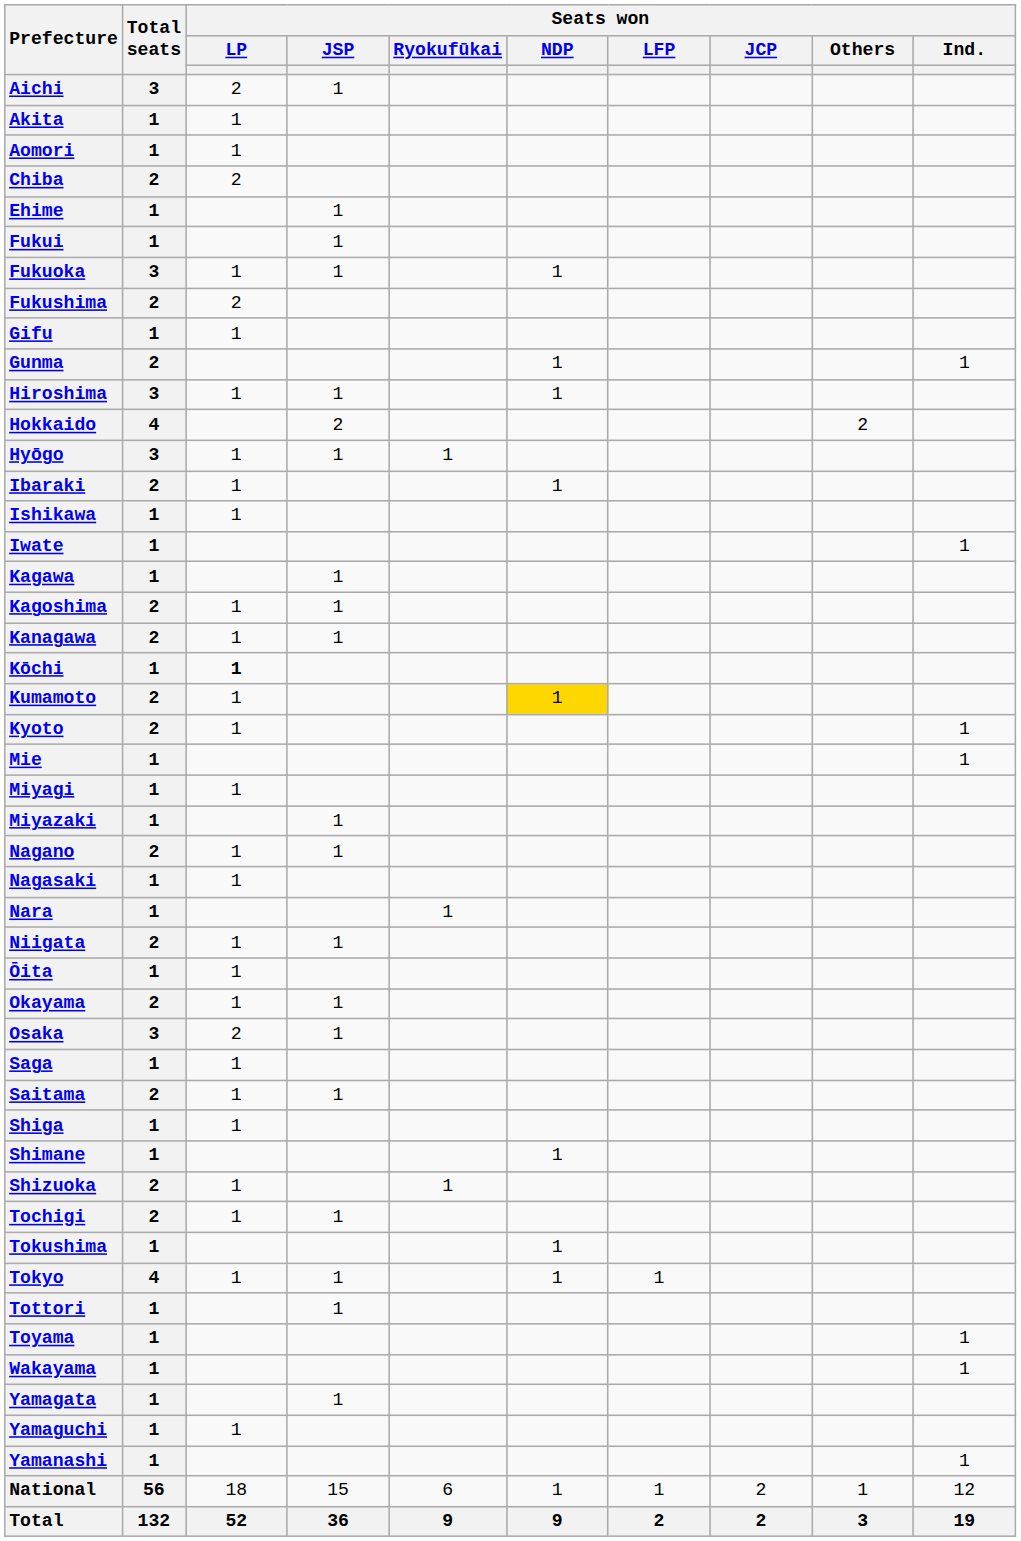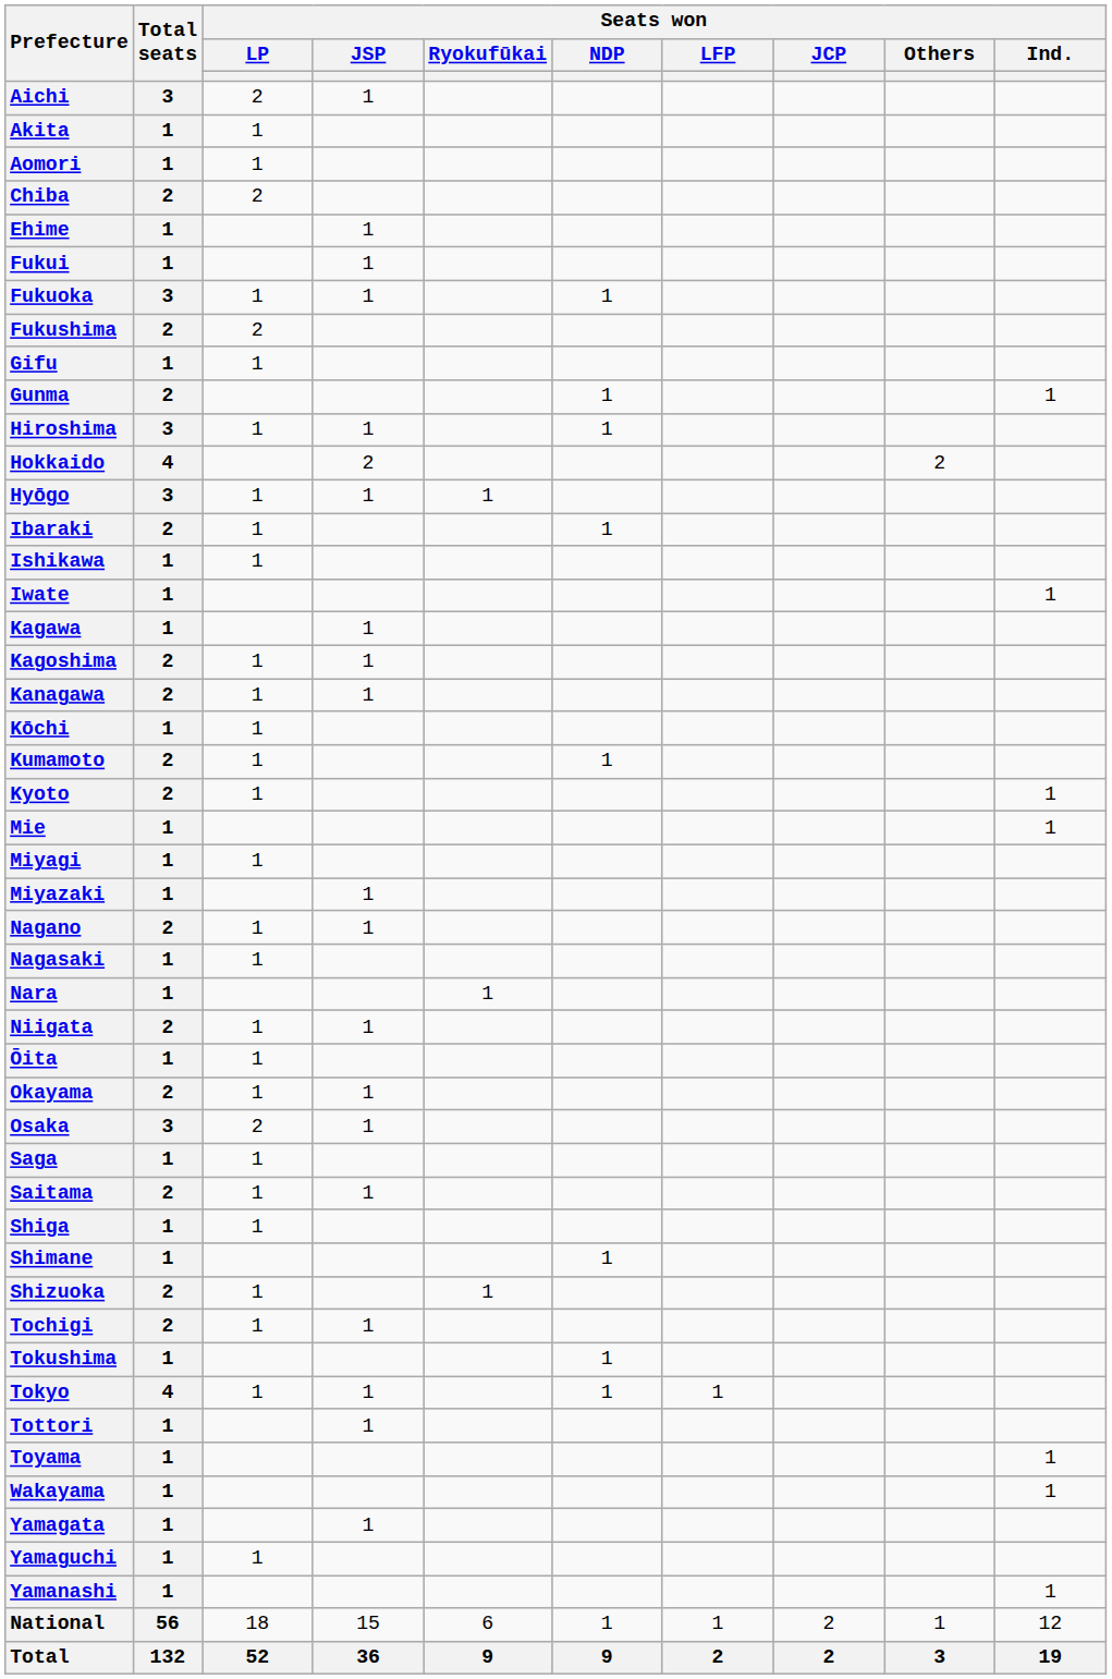 <table class="wikitable" style="text-align:center; font-size: 0.9em;">
 <tr>
 <th rowspan="3">Prefecture</th>
 <th rowspan="3">Total<br>seats</th>
 <th colspan="8">Seats won</th>
 </tr>
 <tr>
 <th class="unsortable" style="width:60px;"><a href='#'>LP</a></th>
 <th class="unsortable" style="width:60px;"><a href='#'>JSP</a></th>
 <th class="unsortable" style="width:60px;"><a href='#'>Ryokufūkai</a></th>
 <th class="unsortable" style="width:60px;"><a href='#'>NDP</a></th>
 <th class="unsortable" style="width:60px;"><a href='#'>LFP</a></th>
 <th class="unsortable" style="width:60px;"><a href='#'>JCP</a></th>
 <th class="unsortable" style="width:60px;">Others</th>
 <th class="unsortable" style="width:60px;">Ind.</th>
 </tr>
 <tr>
 <th style="background:"></th>
 <th style="background:"></th>
 <th style="background:"></th>
 <th style="background:"></th>
 <th style="background:"></th>
 <th style="background:"></th>
 <th></th>
 <th style="background:"></th>
 </tr>
 <tr>
 <th style="text-align: left;"><a href='#'>Aichi</a></th>
 <th>3</th>
 <td>2</td>
 <td>1</td>
 <td></td>
 <td></td>
 <td></td>
 <td></td>
 <td></td>
 <td></td>
 </tr>
 <tr>
 <th style="text-align: left;"><a href='#'>Akita</a></th>
 <th>1</th>
 <td>1</td>
 <td></td>
 <td></td>
 <td></td>
 <td></td>
 <td></td>
 <td></td>
 <td></td>
 </tr>
 <tr>
 <th style="text-align: left;"><a href='#'>Aomori</a></th>
 <th>1</th>
 <td>1</td>
 <td></td>
 <td></td>
 <td></td>
 <td></td>
 <td></td>
 <td></td>
 <td></td>
 </tr>
 <tr>
 <th style="text-align: left;"><a href='#'>Chiba</a></th>
 <th>2</th>
 <td>2</td>
 <td></td>
 <td></td>
 <td></td>
 <td></td>
 <td></td>
 <td></td>
 <td></td>
 </tr>
 <tr>
 <th style="text-align: left;"><a href='#'>Ehime</a></th>
 <th>1</th>
 <td></td>
 <td>1</td>
 <td></td>
 <td></td>
 <td></td>
 <td></td>
 <td></td>
 <td></td>
 </tr>
 <tr>
 <th style="text-align: left;"><a href='#'>Fukui</a></th>
 <th>1</th>
 <td></td>
 <td>1</td>
 <td></td>
 <td></td>
 <td></td>
 <td></td>
 <td></td>
 <td></td>
 </tr>
 <tr>
 <th style="text-align: left;"><a href='#'>Fukuoka</a></th>
 <th>3</th>
 <td>1</td>
 <td>1</td>
 <td></td>
 <td>1</td>
 <td></td>
 <td></td>
 <td></td>
 <td></td>
 </tr>
 <tr>
 <th style="text-align: left;"><a href='#'>Fukushima</a></th>
 <th>2</th>
 <td>2</td>
 <td></td>
 <td></td>
 <td></td>
 <td></td>
 <td></td>
 <td></td>
 <td></td>
 </tr>
 <tr>
 <th style="text-align: left;"><a href='#'>Gifu</a></th>
 <th>1</th>
 <td>1</td>
 <td></td>
 <td></td>
 <td></td>
 <td></td>
 <td></td>
 <td></td>
 <td></td>
 </tr>
 <tr>
 <th style="text-align: left;"><a href='#'>Gunma</a></th>
 <th>2</th>
 <td></td>
 <td></td>
 <td></td>
 <td>1</td>
 <td></td>
 <td></td>
 <td></td>
 <td>1</td>
 </tr>
 <tr>
 <th style="text-align: left;"><a href='#'>Hiroshima</a></th>
 <th>3</th>
 <td>1</td>
 <td>1</td>
 <td></td>
 <td>1</td>
 <td></td>
 <td></td>
 <td></td>
 <td></td>
 </tr>
 <tr>
 <th style="text-align: left;"><a href='#'>Hokkaido</a></th>
 <th>4</th>
 <td></td>
 <td>2</td>
 <td></td>
 <td></td>
 <td></td>
 <td></td>
 <td>2</td>
 <td></td>
 </tr>
 <tr>
 <th style="text-align: left;"><a href='#'>Hyōgo</a></th>
 <th>3</th>
 <td>1</td>
 <td>1</td>
 <td>1</td>
 <td></td>
 <td></td>
 <td></td>
 <td></td>
 <td></td>
 </tr>
 <tr>
 <th style="text-align: left;"><a href='#'>Ibaraki</a></th>
 <th>2</th>
 <td>1</td>
 <td></td>
 <td></td>
 <td>1</td>
 <td></td>
 <td></td>
 <td></td>
 <td></td>
 </tr>
 <tr>
 <th style="text-align: left;"><a href='#'>Ishikawa</a></th>
 <th>1</th>
 <td>1</td>
 <td></td>
 <td></td>
 <td></td>
 <td></td>
 <td></td>
 <td></td>
 <td></td>
 </tr>
 <tr>
 <th style="text-align: left;"><a href='#'>Iwate</a></th>
 <th>1</th>
 <td></td>
 <td></td>
 <td></td>
 <td></td>
 <td></td>
 <td></td>
 <td></td>
 <td>1</td>
 </tr>
 <tr>
 <th style="text-align: left;"><a href='#'>Kagawa</a></th>
 <th>1</th>
 <td></td>
 <td>1</td>
 <td></td>
 <td></td>
 <td></td>
 <td></td>
 <td></td>
 <td></td>
 </tr>
 <tr>
 <th style="text-align: left;"><a href='#'>Kagoshima</a></th>
 <th>2</th>
 <td>1</td>
 <td>1</td>
 <td></td>
 <td></td>
 <td></td>
 <td></td>
 <td></td>
 <td></td>
 </tr>
 <tr>
 <th style="text-align: left;"><a href='#'>Kanagawa</a></th>
 <th>2</th>
 <td>1</td>
 <td>1</td>
 <td></td>
 <td></td>
 <td></td>
 <td></td>
 <td></td>
 <td></td>
 </tr>
 <tr>
 <th style="text-align: left;"><a href='#'>Kōchi</a></th>
 <th>1</th>
-<td><strong>1</strong></td>
+<td>1</td>
 <td></td>
 <td></td>
 <td></td>
 <td></td>
 <td></td>
 <td></td>
 <td></td>
 </tr>
 <tr>
 <th style="text-align: left;"><a href='#'>Kumamoto</a></th>
 <th>2</th>
 <td>1</td>
 <td></td>
 <td></td>
-<td style="background: gold;">1</td>
+<td>1</td>
 <td></td>
 <td></td>
 <td></td>
 <td></td>
 </tr>
 <tr>
 <th style="text-align: left;"><a href='#'>Kyoto</a></th>
 <th>2</th>
 <td>1</td>
 <td></td>
 <td></td>
 <td></td>
 <td></td>
 <td></td>
 <td></td>
 <td>1</td>
 </tr>
 <tr>
 <th style="text-align: left;"><a href='#'>Mie</a></th>
 <th>1</th>
 <td></td>
 <td></td>
 <td></td>
 <td></td>
 <td></td>
 <td></td>
 <td></td>
 <td>1</td>
 </tr>
 <tr>
 <th style="text-align: left;"><a href='#'>Miyagi</a></th>
 <th>1</th>
 <td>1</td>
 <td></td>
 <td></td>
 <td></td>
 <td></td>
 <td></td>
 <td></td>
 <td></td>
 </tr>
 <tr>
 <th style="text-align: left;"><a href='#'>Miyazaki</a></th>
 <th>1</th>
 <td></td>
 <td>1</td>
 <td></td>
 <td></td>
 <td></td>
 <td></td>
 <td></td>
 <td></td>
 </tr>
 <tr>
 <th style="text-align: left;"><a href='#'>Nagano</a></th>
 <th>2</th>
 <td>1</td>
 <td>1</td>
 <td></td>
 <td></td>
 <td></td>
 <td></td>
 <td></td>
 <td></td>
 </tr>
 <tr>
 <th style="text-align: left;"><a href='#'>Nagasaki</a></th>
 <th>1</th>
 <td>1</td>
 <td></td>
 <td></td>
 <td></td>
 <td></td>
 <td></td>
 <td></td>
 <td></td>
 </tr>
 <tr>
 <th style="text-align: left;"><a href='#'>Nara</a></th>
 <th>1</th>
 <td></td>
 <td></td>
 <td>1</td>
 <td></td>
 <td></td>
 <td></td>
 <td></td>
 <td></td>
 </tr>
 <tr>
 <th style="text-align: left;"><a href='#'>Niigata</a></th>
 <th>2</th>
 <td>1</td>
 <td>1</td>
 <td></td>
 <td></td>
 <td></td>
 <td></td>
 <td></td>
 <td></td>
 </tr>
 <tr>
 <th style="text-align: left;"><a href='#'>Ōita</a></th>
 <th>1</th>
 <td>1</td>
 <td></td>
 <td></td>
 <td></td>
 <td></td>
 <td></td>
 <td></td>
 <td></td>
 </tr>
 <tr>
 <th style="text-align: left;"><a href='#'>Okayama</a></th>
 <th>2</th>
 <td>1</td>
 <td>1</td>
 <td></td>
 <td></td>
 <td></td>
 <td></td>
 <td></td>
 <td></td>
 </tr>
 <tr>
 <th style="text-align: left;"><a href='#'>Osaka</a></th>
 <th>3</th>
 <td>2</td>
 <td>1</td>
 <td></td>
 <td></td>
 <td></td>
 <td></td>
 <td></td>
 <td></td>
 </tr>
 <tr>
 <th style="text-align: left;"><a href='#'>Saga</a></th>
 <th>1</th>
 <td>1</td>
 <td></td>
 <td></td>
 <td></td>
 <td></td>
 <td></td>
 <td></td>
 <td></td>
 </tr>
 <tr>
 <th style="text-align: left;"><a href='#'>Saitama</a></th>
 <th>2</th>
 <td>1</td>
 <td>1</td>
 <td></td>
 <td></td>
 <td></td>
 <td></td>
 <td></td>
 <td></td>
 </tr>
 <tr>
 <th style="text-align: left;"><a href='#'>Shiga</a></th>
 <th>1</th>
 <td>1</td>
 <td></td>
 <td></td>
 <td></td>
 <td></td>
 <td></td>
 <td></td>
 <td></td>
 </tr>
 <tr>
 <th style="text-align: left;"><a href='#'>Shimane</a></th>
 <th>1</th>
 <td></td>
 <td></td>
 <td></td>
 <td>1</td>
 <td></td>
 <td></td>
 <td></td>
 <td></td>
 </tr>
 <tr>
 <th style="text-align: left;"><a href='#'>Shizuoka</a></th>
 <th>2</th>
 <td>1</td>
 <td></td>
 <td>1</td>
 <td></td>
 <td></td>
 <td></td>
 <td></td>
 <td></td>
 </tr>
 <tr>
 <th style="text-align: left;"><a href='#'>Tochigi</a></th>
 <th>2</th>
 <td>1</td>
 <td>1</td>
 <td></td>
 <td></td>
 <td></td>
 <td></td>
 <td></td>
 <td></td>
 </tr>
 <tr>
 <th style="text-align: left;"><a href='#'>Tokushima</a></th>
 <th>1</th>
 <td></td>
 <td></td>
 <td></td>
 <td>1</td>
 <td></td>
 <td></td>
 <td></td>
 <td></td>
 </tr>
 <tr>
 <th style="text-align: left;"><a href='#'>Tokyo</a></th>
 <th>4</th>
 <td>1</td>
 <td>1</td>
 <td></td>
 <td>1</td>
 <td>1</td>
 <td></td>
 <td></td>
 <td></td>
 </tr>
 <tr>
 <th style="text-align: left;"><a href='#'>Tottori</a></th>
 <th>1</th>
 <td></td>
 <td>1</td>
 <td></td>
 <td></td>
 <td></td>
 <td></td>
 <td></td>
 <td></td>
 </tr>
 <tr>
 <th style="text-align: left;"><a href='#'>Toyama</a></th>
 <th>1</th>
 <td></td>
 <td></td>
 <td></td>
 <td></td>
 <td></td>
 <td></td>
 <td></td>
 <td>1</td>
 </tr>
 <tr>
 <th style="text-align: left;"><a href='#'>Wakayama</a></th>
 <th>1</th>
 <td></td>
 <td></td>
 <td></td>
 <td></td>
 <td></td>
 <td></td>
 <td></td>
 <td>1</td>
 </tr>
 <tr>
 <th style="text-align: left;"><a href='#'>Yamagata</a></th>
 <th>1</th>
 <td></td>
 <td>1</td>
 <td></td>
 <td></td>
 <td></td>
 <td></td>
 <td></td>
 <td></td>
 </tr>
 <tr>
 <th style="text-align: left;"><a href='#'>Yamaguchi</a></th>
 <th>1</th>
 <td>1</td>
 <td></td>
 <td></td>
 <td></td>
 <td></td>
 <td></td>
 <td></td>
 <td></td>
 </tr>
 <tr>
 <th style="text-align: left;"><a href='#'>Yamanashi</a></th>
 <th>1</th>
 <td></td>
 <td></td>
 <td></td>
 <td></td>
 <td></td>
 <td></td>
 <td></td>
 <td>1</td>
 </tr>
 <tr>
 <th style="text-align: left;">National</th>
 <th>56</th>
 <td>18</td>
 <td>15</td>
 <td>6</td>
 <td>1</td>
 <td>1</td>
 <td>2</td>
 <td>1</td>
 <td>12</td>
 </tr>
 <tr class="sortbottom">
 <th style="text-align: left;">Total</th>
 <th>132</th>
 <th>52</th>
 <th>36</th>
 <th>9</th>
 <th>9</th>
 <th>2</th>
 <th>2</th>
 <th>3</th>
 <th>19</th>
 </tr>
 </table>
